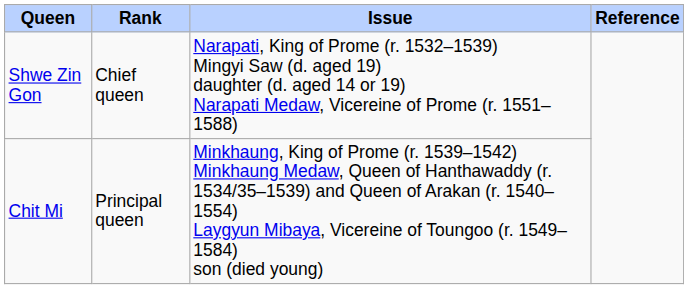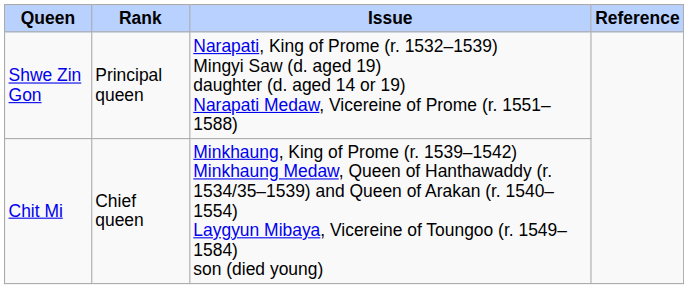 <table width=100% class="wikitable">
 <tr>
 <th style="background-color:#B9D1FF">Queen</th>
 <th style="background-color:#B9D1FF">Rank</th>
 <th style="background-color:#B9D1FF">Issue</th>
 <th style="background-color:#B9D1FF">Reference</th>
 </tr>
 <tr>
 <td><a href='#'>Shwe Zin Gon</a></td>
-<td>Chief queen</td>
+<td>Principal queen</td>
 <td><a href='#'>Narapati</a>, King of Prome (r. 1532–1539) <br> Mingyi Saw (d. aged 19) <br> daughter (d. aged 14 or 19) <br> <a href='#'>Narapati Medaw</a>, Vicereine of Prome (r. 1551–1588)</td>
 <td rowspan=2></td>
 </tr>
 <tr>
 <td><a href='#'>Chit Mi</a></td>
-<td>Principal queen</td>
+<td>Chief queen</td>
 <td><a href='#'>Minkhaung</a>, King of Prome (r. 1539–1542) <br> <a href='#'>Minkhaung Medaw</a>, Queen of Hanthawaddy (r. 1534/35–1539) and Queen of Arakan (r. 1540–1554) <br> <a href='#'>Laygyun Mibaya</a>, Vicereine of Toungoo (r. 1549–1584) <br> son (died young)</td>
 </tr>
 </table>
